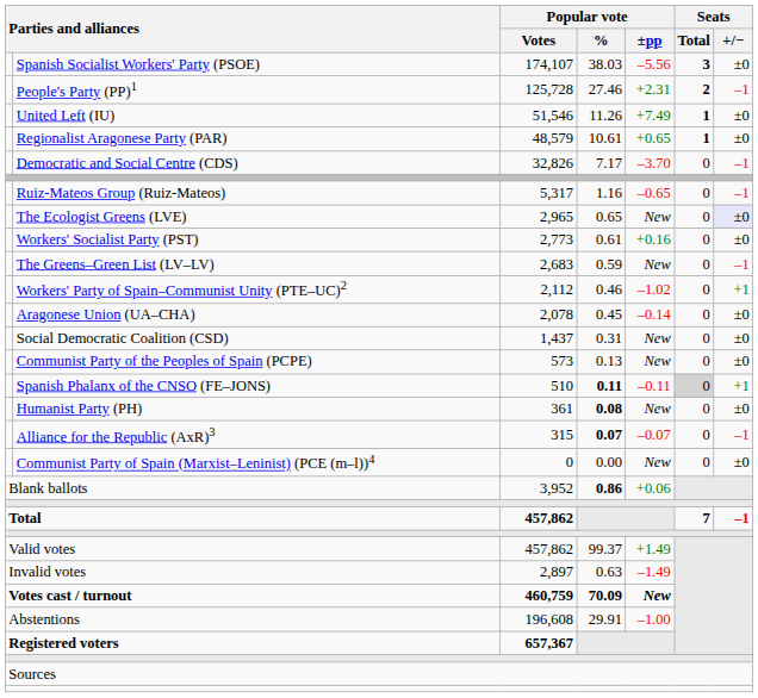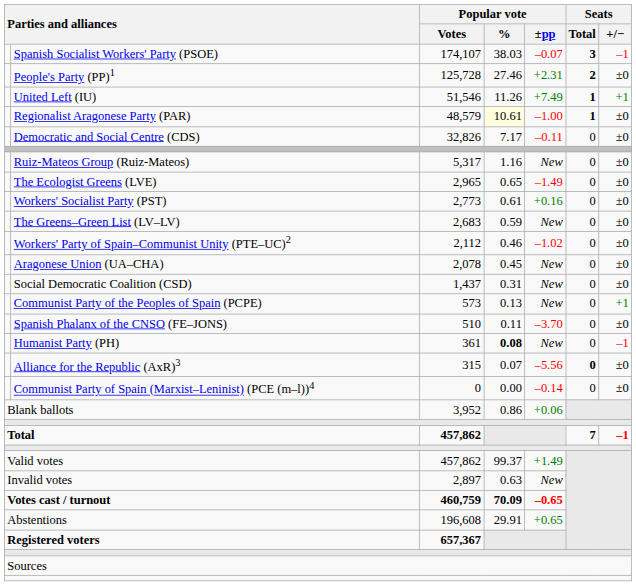 <table class="wikitable" style="text-align:right;">
 <tr>
 <th style="text-align:left;" rowspan="2" colspan="2" width="525">Parties and alliances</th>
 <th colspan="3">Popular vote</th>
 <th colspan="2">Seats</th>
 </tr>
 <tr>
 <th width="75">Votes</th>
 <th width="45">%</th>
 <th width="45">±<a href='#'>pp</a></th>
 <th width="35">Total</th>
 <th width="35">+/−</th>
 </tr>
 <tr>
 <td width="1" style="color:inherit;background:"></td>
 <td align="left"><a href='#'>Spanish Socialist Workers' Party</a> (PSOE)</td>
 <td>174,107</td>
 <td>38.03</td>
-<td style="color:red;">–5.56</td>
+<td style="color:red;">–0.07</td>
 <td><strong>3</strong></td>
-<td>±0</td>
+<td style="color:red;">–1</td>
 </tr>
 <tr>
 <td style="color:inherit;background:"></td>
 <td align="left"><a href='#'>People's Party</a> (PP)<sup>1</sup></td>
 <td>125,728</td>
 <td>27.46</td>
 <td style="color:green;">+2.31</td>
 <td><strong>2</strong></td>
-<td style="color:red;">–1</td>
+<td>±0</td>
 </tr>
 <tr>
 <td style="color:inherit;background:"></td>
 <td align="left"><a href='#'>United Left</a> (IU)</td>
 <td>51,546</td>
 <td>11.26</td>
 <td style="color:green;">+7.49</td>
 <td><strong>1</strong></td>
-<td>±0</td>
+<td style="color:green;">+1</td>
 </tr>
 <tr>
 <td style="color:inherit;background:"></td>
 <td align="left"><a href='#'>Regionalist Aragonese Party</a> (PAR)</td>
 <td>48,579</td>
-<td>10.61</td>
-<td style="color:green;">+0.65</td>
+<td style="background: lightyellow;">10.61</td>
+<td style="color:red;">–1.00</td>
 <td><strong>1</strong></td>
 <td>±0</td>
 </tr>
 <tr>
 <td style="color:inherit;background:"></td>
 <td align="left"><a href='#'>Democratic and Social Centre</a> (CDS)</td>
 <td>32,826</td>
 <td>7.17</td>
-<td style="color:red;">–3.70</td>
+<td style="color:red;">–0.11</td>
 <td>0</td>
-<td style="color:red;">–1</td>
+<td>±0</td>
 </tr>
 <tr>
 <td colspan="7" bgcolor="#C0C0C0"></td>
 </tr>
 <tr>
 <td style="color:inherit;background:"></td>
 <td align="left"><a href='#'>Ruiz-Mateos Group</a> (Ruiz-Mateos)</td>
 <td>5,317</td>
 <td>1.16</td>
-<td style="color:red;">–0.65</td>
+<td><em>New</em></td>
 <td>0</td>
-<td style="color:red;">–1</td>
+<td>±0</td>
 </tr>
 <tr>
 <td style="color:inherit;background:"></td>
 <td align="left"><a href='#'>The Ecologist Greens</a> (LVE)</td>
 <td>2,965</td>
 <td>0.65</td>
-<td><em>New</em></td>
+<td style="color:red;">–1.49</td>
 <td>0</td>
-<td style="background: lavender;">±0</td>
+<td>±0</td>
 </tr>
 <tr>
 <td style="color:inherit;background:"></td>
 <td align="left"><a href='#'>Workers' Socialist Party</a> (PST)</td>
 <td>2,773</td>
 <td>0.61</td>
 <td style="color:green;">+0.16</td>
 <td>0</td>
 <td>±0</td>
 </tr>
 <tr>
 <td style="color:inherit;background:"></td>
 <td align="left"><a href='#'>The Greens–Green List</a> (LV–LV)</td>
 <td>2,683</td>
 <td>0.59</td>
 <td><em>New</em></td>
 <td>0</td>
-<td style="color:red;">–1</td>
+<td>±0</td>
 </tr>
 <tr>
 <td style="color:inherit;background:"></td>
 <td align="left"><a href='#'>Workers' Party of Spain–Communist Unity</a> (PTE–UC)<sup>2</sup></td>
 <td>2,112</td>
 <td>0.46</td>
 <td style="color:red;">–1.02</td>
 <td>0</td>
-<td style="color:green;">+1</td>
+<td>±0</td>
 </tr>
 <tr>
 <td style="color:inherit;background:"></td>
 <td align="left"><a href='#'>Aragonese Union</a> (UA–CHA)</td>
 <td>2,078</td>
 <td>0.45</td>
-<td style="color:red;">–0.14</td>
+<td><em>New</em></td>
 <td>0</td>
 <td>±0</td>
 </tr>
 <tr>
 <td style="color:inherit;background:"></td>
 <td align="left">Social Democratic Coalition (CSD)</td>
 <td>1,437</td>
 <td>0.31</td>
 <td><em>New</em></td>
 <td>0</td>
 <td>±0</td>
 </tr>
 <tr>
 <td style="color:inherit;background:"></td>
 <td align="left"><a href='#'>Communist Party of the Peoples of Spain</a> (PCPE)</td>
 <td>573</td>
 <td>0.13</td>
 <td><em>New</em></td>
 <td>0</td>
-<td>±0</td>
+<td style="color:green;">+1</td>
 </tr>
 <tr>
 <td style="color:inherit;background:"></td>
 <td align="left"><a href='#'>Spanish Phalanx of the CNSO</a> (FE–JONS)</td>
 <td>510</td>
-<td><strong>0.11</strong></td>
-<td style="color:red;">–0.11</td>
-<td style="background: lightgrey;">0</td>
-<td style="color:green;">+1</td>
+<td>0.11</td>
+<td style="color:red;">–3.70</td>
+<td>0</td>
+<td>±0</td>
 </tr>
 <tr>
 <td style="color:inherit;background:"></td>
 <td align="left"><a href='#'>Humanist Party</a> (PH)</td>
 <td>361</td>
 <td><strong>0.08</strong></td>
 <td><em>New</em></td>
 <td>0</td>
-<td>±0</td>
+<td style="color:red;">–1</td>
 </tr>
 <tr>
 <td style="color:inherit;background:"></td>
 <td align="left"><a href='#'>Alliance for the Republic</a> (AxR)<sup>3</sup></td>
 <td>315</td>
-<td><strong>0.07</strong></td>
-<td style="color:red;">–0.07</td>
-<td>0</td>
-<td style="color:red;">–1</td>
+<td>0.07</td>
+<td style="color:red;">–5.56</td>
+<td><strong>0</strong></td>
+<td>±0</td>
 </tr>
 <tr>
 <td style="color:inherit;background:"></td>
 <td align="left"><a href='#'>Communist Party of Spain (Marxist–Leninist)</a> (PCE (m–l))<sup>4</sup></td>
 <td>0</td>
 <td>0.00</td>
-<td><em>New</em></td>
+<td style="color:red;">–0.14</td>
 <td>0</td>
 <td>±0</td>
 </tr>
 <tr>
 <td align="left" colspan="2">Blank ballots</td>
 <td>3,952</td>
-<td><strong>0.86</strong></td>
+<td>0.86</td>
 <td style="color:green;">+0.06</td>
 <td bgcolor="#E9E9E9" colspan="2"></td>
 </tr>
 <tr>
 <td colspan="7" bgcolor="#E9E9E9"></td>
 </tr>
 <tr style="font-weight:bold;">
 <td align="left" colspan="2">Total</td>
 <td>457,862</td>
 <td bgcolor="#E9E9E9" colspan="2"></td>
 <td>7</td>
 <td style="color:red;">–1</td>
 </tr>
 <tr>
 <td colspan="7" bgcolor="#E9E9E9"></td>
 </tr>
 <tr>
 <td align="left" colspan="2">Valid votes</td>
 <td>457,862</td>
 <td>99.37</td>
 <td style="color:green;">+1.49</td>
 <td bgcolor="#E9E9E9" colspan="2" rowspan="5"></td>
 </tr>
 <tr>
 <td align="left" colspan="2">Invalid votes</td>
 <td>2,897</td>
 <td>0.63</td>
-<td style="color:red;">–1.49</td>
+<td><em>New</em></td>
 </tr>
 <tr style="font-weight:bold;">
 <td align="left" colspan="2">Votes cast / turnout</td>
 <td>460,759</td>
 <td>70.09</td>
-<td><em>New</em></td>
+<td style="color:red;">–0.65</td>
 </tr>
 <tr>
 <td align="left" colspan="2">Abstentions</td>
 <td>196,608</td>
 <td>29.91</td>
-<td style="color:red;">–1.00</td>
+<td style="color:green;">+0.65</td>
 </tr>
 <tr style="font-weight:bold;">
 <td align="left" colspan="2">Registered voters</td>
 <td>657,367</td>
 <td bgcolor="#E9E9E9" colspan="2"></td>
 </tr>
 <tr>
 <td colspan="7" bgcolor="#E9E9E9"></td>
 </tr>
 <tr>
 <td align="left" colspan="7">Sources</td>
 </tr>
 <tr>
 <td colspan="7" style="text-align:left; max-width:790px;"></td>
 </tr>
 </table>
